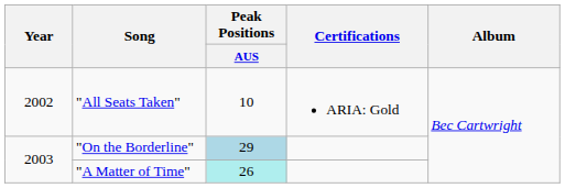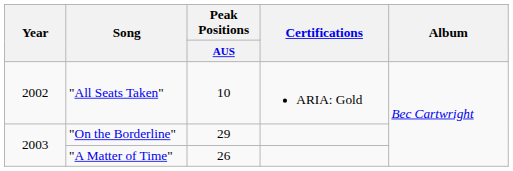 <table class="wikitable">
 <tr>
 <th scope="col" rowspan="2" style="width:6em;">Year</th>
 <th scope="col" rowspan="2" style="width:12em;">Song</th>
 <th scope="col" rowspan="1" style="width:6em;">Peak Positions</th>
 <th scope="col" rowspan="2" style="width:12em;"><a href='#'>Certifications</a></th>
 <th scope="col" rowspan="2" style="width:12em;">Album</th>
 </tr>
 <tr>
 <th width="40"><small><a href='#'>AUS</a></small></th>
 </tr>
 <tr>
 <td align="center" rowspan=1>2002</td>
 <td>"<a href='#'>All Seats Taken</a>"</td>
 <td align="center">10</td>
 <td><br><ul><li>ARIA: Gold</li></ul></td>
 <td rowspan="3"><em><a href='#'>Bec Cartwright</a></em></td>
 </tr>
 <tr>
 <td align="center" rowspan=2>2003</td>
 <td>"<a href='#'>On the Borderline</a>"</td>
-<td align="center" style="background: lightblue;">29</td>
+<td align="center">29</td>
 <td></td>
 </tr>
 <tr>
 <td>"<a href='#'>A Matter of Time</a>"</td>
-<td align="center" style="background: paleturquoise;">26</td>
+<td align="center">26</td>
 <td></td>
 </tr>
 </table>
